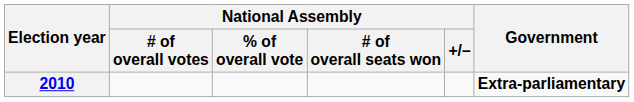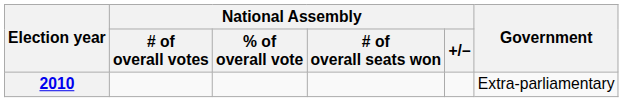 <table class=wikitable>
 <tr>
 <th rowspan=2>Election year</th>
 <th colspan=4>National Assembly</th>
 <th rowspan=2>Government</th>
 </tr>
 <tr>
 <th># of<br>overall votes</th>
 <th>% of<br>overall vote</th>
 <th># of<br>overall seats won</th>
 <th>+/–</th>
 </tr>
 <tr>
 <th><a href='#'>2010</a></th>
 <td></td>
 <td></td>
 <td></td>
 <td></td>
-<td><strong>Extra-parliamentary</strong></td>
+<td>Extra-parliamentary</td>
 </tr>
 </table>
